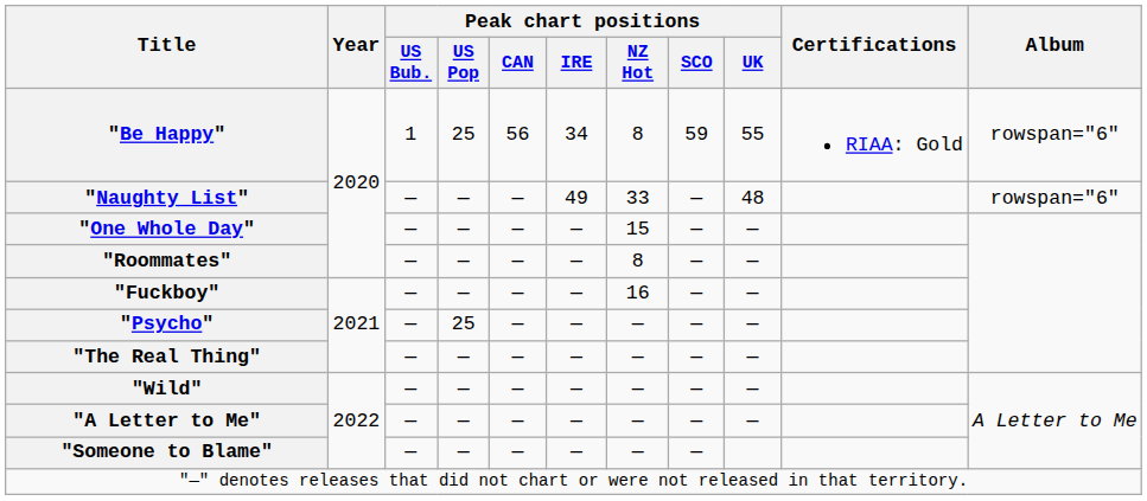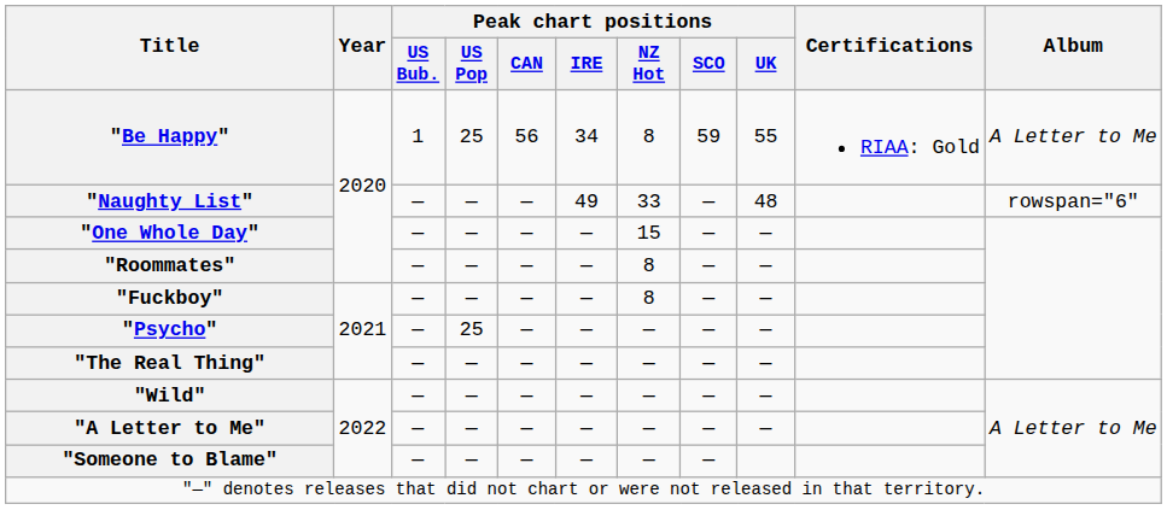 <table class="wikitable plainrowheaders" style="text-align:center;">
 <tr>
 <th scope="col" rowspan="2" style="width:16em;">Title</th>
 <th scope="col" rowspan="2">Year</th>
 <th scope="col" colspan="7">Peak chart positions</th>
 <th scope="col" rowspan="2">Certifications</th>
 <th scope="col" rowspan="2">Album</th>
 </tr>
 <tr>
 <th scope="col" style="width:2.5em;font-size:90%;"><a href='#'>US<br>Bub.</a><br></th>
 <th scope="col" style="width:2.5em;font-size:90%;"><a href='#'>US<br>Pop</a><br></th>
 <th scope="col" style="width:2.7em;font-size:90%;"><a href='#'>CAN</a><br></th>
 <th style="width:3em;font-size:90%;"><a href='#'>IRE</a><br></th>
 <th scope="col" style="width:3em;font-size:90%;"><a href='#'>NZ<br>Hot</a><br></th>
 <th scope="col" style="width:2.7em;font-size:90%;"><a href='#'>SCO</a><br></th>
 <th scope="col" style="width:2.7em;font-size:90%;"><a href='#'>UK</a><br></th>
 </tr>
 <tr>
 <th scope="row">"<a href='#'>Be Happy</a>"<br></th>
 <td rowspan="4">2020</td>
 <td>1</td>
 <td>25</td>
 <td>56</td>
 <td>34</td>
 <td>8</td>
 <td>59</td>
 <td>55</td>
 <td><br><ul><li><a href='#'>RIAA</a>: Gold</li></ul></td>
-<td>rowspan="6" </td>
+<td><em>A Letter to Me</em></td>
 </tr>
 <tr>
 <th scope="row">"<a href='#'>Naughty List</a>"<br></th>
 <td>—</td>
 <td>—</td>
 <td>—</td>
 <td>49</td>
 <td>33</td>
 <td>—</td>
 <td>48</td>
 <td></td>
 <td>rowspan="6" </td>
 </tr>
 <tr>
 <th scope="row">"<a href='#'>One Whole Day</a>"<br></th>
 <td>—</td>
 <td>—</td>
 <td>—</td>
 <td>—</td>
 <td>15</td>
 <td>—</td>
 <td>—</td>
 <td></td>
 </tr>
 <tr>
 <th scope="row">"Roommates"</th>
 <td>—</td>
 <td>—</td>
 <td>—</td>
 <td>—</td>
 <td>8</td>
 <td>—</td>
 <td>—</td>
 <td></td>
 </tr>
 <tr>
 <th scope="row">"Fuckboy"</th>
 <td rowspan="3">2021</td>
 <td>—</td>
 <td>—</td>
 <td>—</td>
 <td>—</td>
-<td>16</td>
+<td>8</td>
 <td>—</td>
 <td>—</td>
 <td></td>
 </tr>
 <tr>
 <th scope="row">"<a href='#'>Psycho</a>"<br></th>
 <td>—</td>
 <td>25</td>
 <td>—</td>
 <td>—</td>
 <td>—</td>
 <td>—</td>
 <td>—</td>
 <td></td>
 </tr>
 <tr>
 <th scope="row">"The Real Thing"</th>
 <td>—</td>
 <td>—</td>
 <td>—</td>
 <td>—</td>
 <td>—</td>
 <td>—</td>
 <td>—</td>
 <td></td>
 </tr>
 <tr>
 <th scope="row">"Wild"</th>
 <td rowspan="3">2022</td>
 <td>—</td>
 <td>—</td>
 <td>—</td>
 <td>—</td>
 <td>—</td>
 <td>—</td>
 <td>—</td>
 <td></td>
 <td rowspan="3"><em>A Letter to Me</em></td>
 </tr>
 <tr>
 <th scope="row">"A Letter to Me"</th>
 <td>—</td>
 <td>—</td>
 <td>—</td>
 <td>—</td>
 <td>—</td>
 <td>—</td>
 <td>—</td>
 <td></td>
 </tr>
 <tr>
 <th scope="row">"Someone to Blame"</th>
 <td>—</td>
 <td>—</td>
 <td>—</td>
 <td>—</td>
 <td>—</td>
 <td>—</td>
 <td></td>
 </tr>
 <tr>
 <td colspan="16" style="font-size:85%;">"—" denotes releases that did not chart or were not released in that territory.</td>
 </tr>
 </table>
